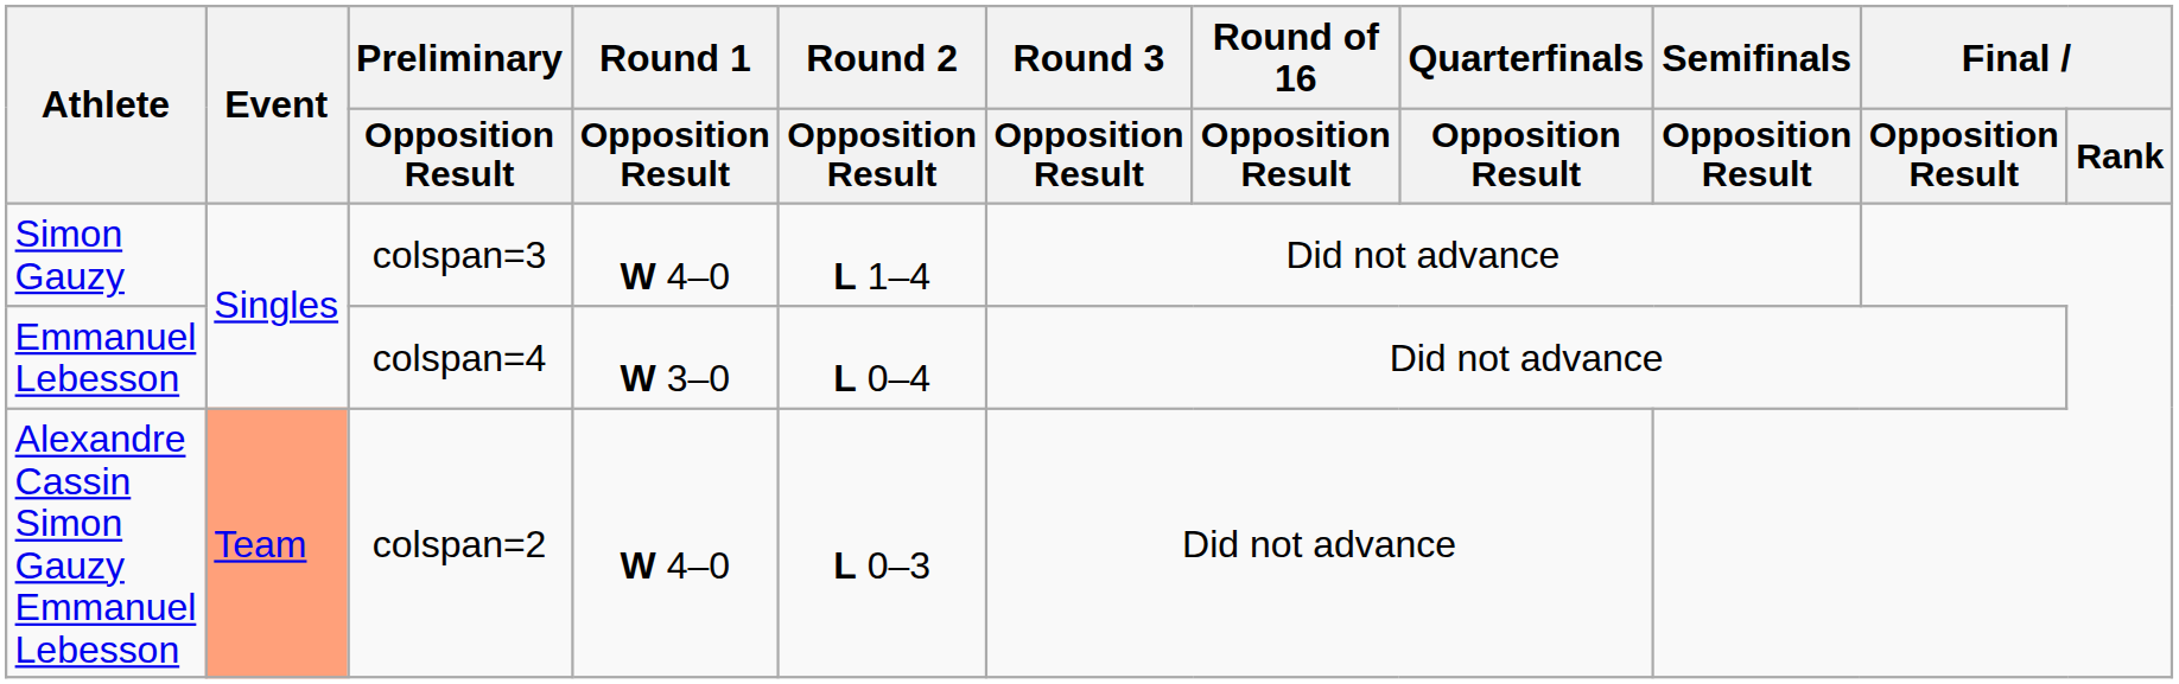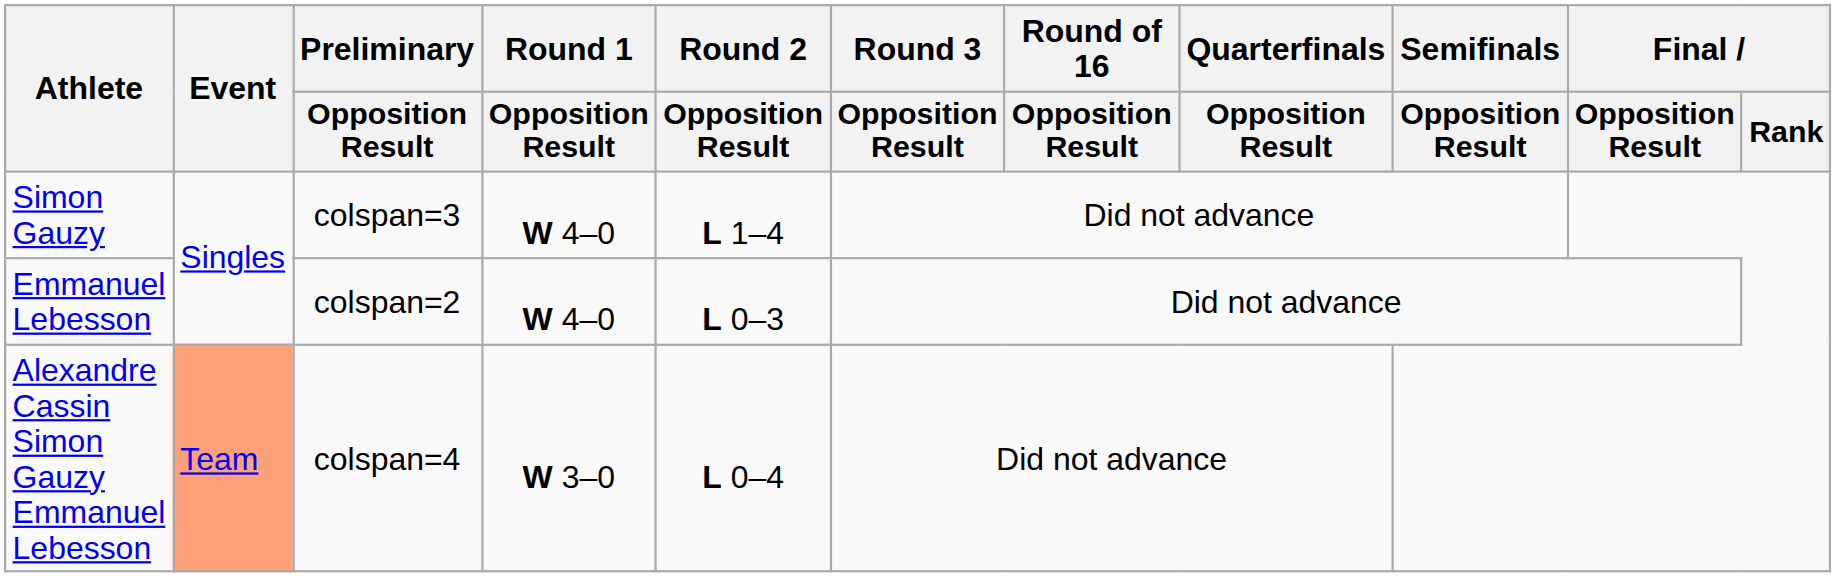 <table class="wikitable" style="font-size:90%;">
 <tr>
 <th rowspan=2>Athlete</th>
 <th rowspan=2>Event</th>
 <th>Preliminary</th>
 <th>Round 1</th>
 <th>Round 2</th>
 <th>Round 3</th>
 <th>Round of 16</th>
 <th>Quarterfinals</th>
 <th>Semifinals</th>
 <th colspan=2>Final / </th>
 </tr>
 <tr style="font-size:95%">
 <th>Opposition<br>Result</th>
 <th>Opposition<br>Result</th>
 <th>Opposition<br>Result</th>
 <th>Opposition<br>Result</th>
 <th>Opposition<br>Result</th>
 <th>Opposition<br>Result</th>
 <th>Opposition<br>Result</th>
 <th>Opposition<br>Result</th>
 <th>Rank</th>
 </tr>
 <tr align=center>
 <td align=left><a href='#'>Simon Gauzy</a></td>
 <td align=left rowspan=2><a href='#'>Singles</a></td>
 <td>colspan=3 </td>
 <td><br><strong>W</strong> 4–0</td>
 <td><br><strong>L</strong> 1–4</td>
 <td colspan=4>Did not advance</td>
 </tr>
 <tr align=center>
 <td align=left><a href='#'>Emmanuel Lebesson</a></td>
-<td>colspan=4 </td>
-<td><br><strong>W</strong> 3–0</td>
-<td><br><strong>L</strong> 0–4</td>
+<td>colspan=2 </td>
+<td><br><strong>W</strong> 4–0</td>
+<td><br><strong>L</strong> 0–3</td>
 <td colspan=5>Did not advance</td>
 </tr>
 <tr align=center>
 <td align=left><a href='#'>Alexandre Cassin</a><br><a href='#'>Simon Gauzy</a><br><a href='#'>Emmanuel Lebesson</a></td>
 <td align=left style="background: lightsalmon;"><a href='#'>Team</a></td>
-<td>colspan=2 </td>
-<td><br><strong>W</strong> 4–0</td>
-<td><br><strong>L</strong> 0–3</td>
+<td>colspan=4 </td>
+<td><br><strong>W</strong> 3–0</td>
+<td><br><strong>L</strong> 0–4</td>
 <td colspan="3">Did not advance</td>
 </tr>
 </table>
